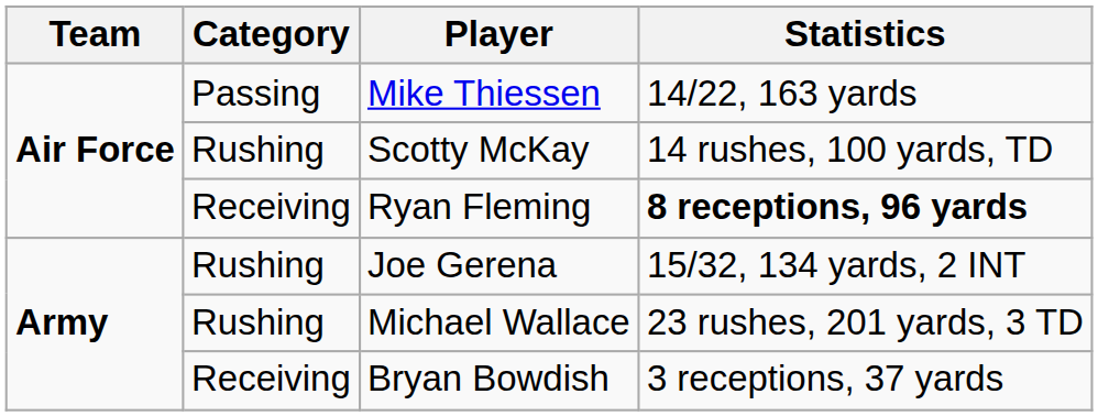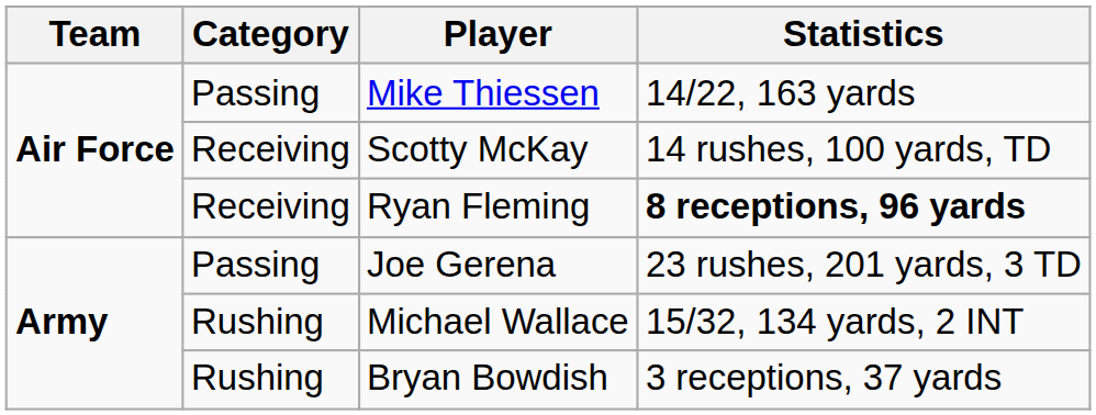 <table class="wikitable" style="float: right;">
 <tr>
 <th>Team</th>
 <th>Category</th>
 <th>Player</th>
 <th>Statistics</th>
 </tr>
 <tr>
 <td rowspan=3><strong>Air Force</strong></td>
 <td>Passing</td>
 <td><a href='#'>Mike Thiessen</a></td>
 <td>14/22, 163 yards</td>
 </tr>
 <tr>
-<td>Rushing</td>
+<td>Receiving</td>
 <td>Scotty McKay</td>
 <td>14 rushes, 100 yards, TD</td>
 </tr>
 <tr>
 <td>Receiving</td>
 <td>Ryan Fleming</td>
 <td><strong>8 receptions, 96 yards</strong></td>
 </tr>
 <tr>
 <td rowspan=3><strong>Army</strong></td>
+<td>Passing</td>
+<td>Joe Gerena</td>
+<td>23 rushes, 201 yards, 3 TD</td>
+</tr>
+<tr>
 <td>Rushing</td>
-<td>Joe Gerena</td>
+<td>Michael Wallace</td>
 <td>15/32, 134 yards, 2 INT</td>
 </tr>
 <tr>
 <td>Rushing</td>
-<td>Michael Wallace</td>
-<td>23 rushes, 201 yards, 3 TD</td>
-</tr>
-<tr>
-<td>Receiving</td>
 <td>Bryan Bowdish</td>
 <td>3 receptions, 37 yards</td>
 </tr>
 </table>
